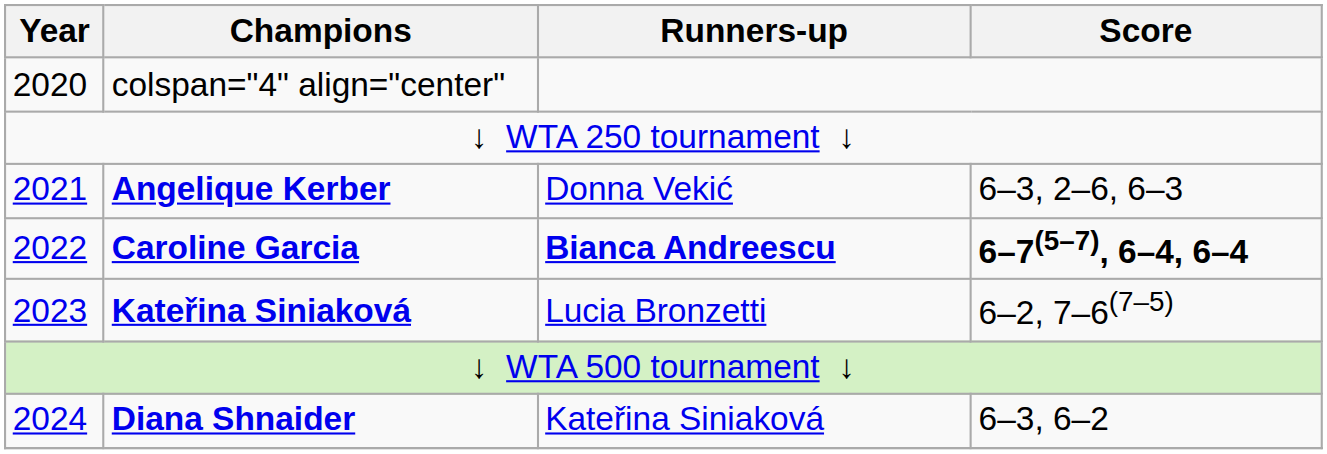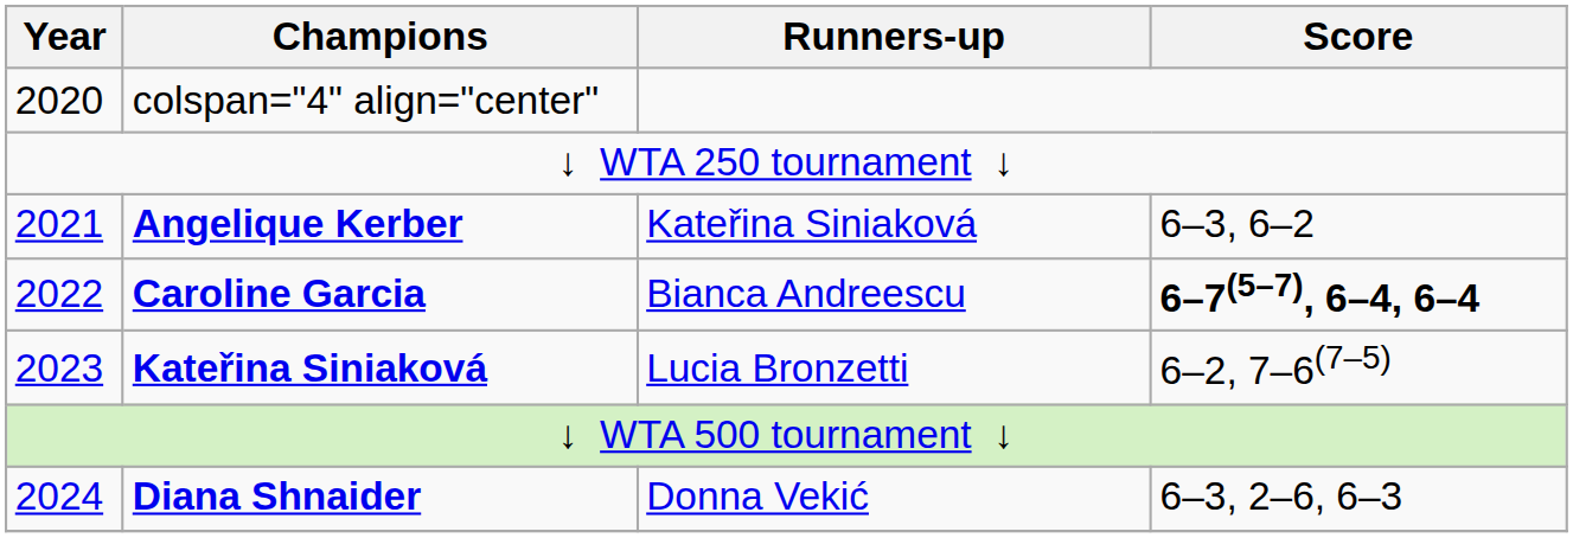 <table class="wikitable">
 <tr>
 <th style="width:40px">Year</th>
 <th style="width:200px">Champions</th>
 <th style="width:200px">Runners-up</th>
 <th style="width:160px" class="unsortable">Score</th>
 </tr>
 <tr>
 <td>2020</td>
 <td>colspan="4" align="center" </td>
 </tr>
 <tr>
 <td colspan="4" align="center">↓  <a href='#'>WTA 250 tournament</a>  ↓</td>
 </tr>
 <tr>
 <td><a href='#'>2021</a></td>
 <td> <strong><a href='#'>Angelique Kerber</a></strong></td>
-<td> <a href='#'>Donna Vekić</a></td>
-<td>6–3, 2–6, 6–3</td>
+<td> <a href='#'>Kateřina Siniaková</a></td>
+<td>6–3, 6–2</td>
 </tr>
 <tr>
 <td><a href='#'>2022</a></td>
 <td> <strong><a href='#'>Caroline Garcia</a></strong></td>
-<td><strong> <a href='#'>Bianca Andreescu</a></strong></td>
+<td> <a href='#'>Bianca Andreescu</a></td>
 <td><strong>6–7<sup>(5–7)</sup>, 6–4, 6–4</strong></td>
 </tr>
 <tr>
 <td><a href='#'>2023</a></td>
 <td> <strong><a href='#'>Kateřina Siniaková</a></strong></td>
 <td> <a href='#'>Lucia Bronzetti</a></td>
 <td>6–2, 7–6<sup>(7–5)</sup></td>
 </tr>
 <tr>
 <td colspan="4" align="center" bgcolor=#d4f1c5>↓  <a href='#'>WTA 500 tournament</a>  ↓</td>
 </tr>
 <tr>
 <td><a href='#'>2024</a></td>
 <td> <strong><a href='#'>Diana Shnaider</a></strong></td>
-<td> <a href='#'>Kateřina Siniaková</a></td>
-<td>6–3, 6–2</td>
+<td> <a href='#'>Donna Vekić</a></td>
+<td>6–3, 2–6, 6–3</td>
 </tr>
 <tr>
 </tr>
 </table>
